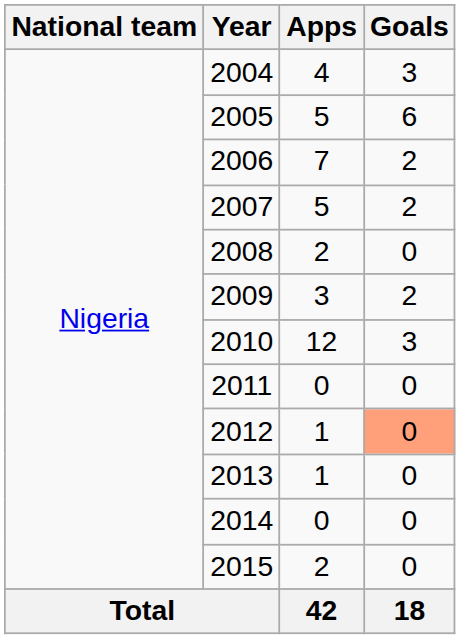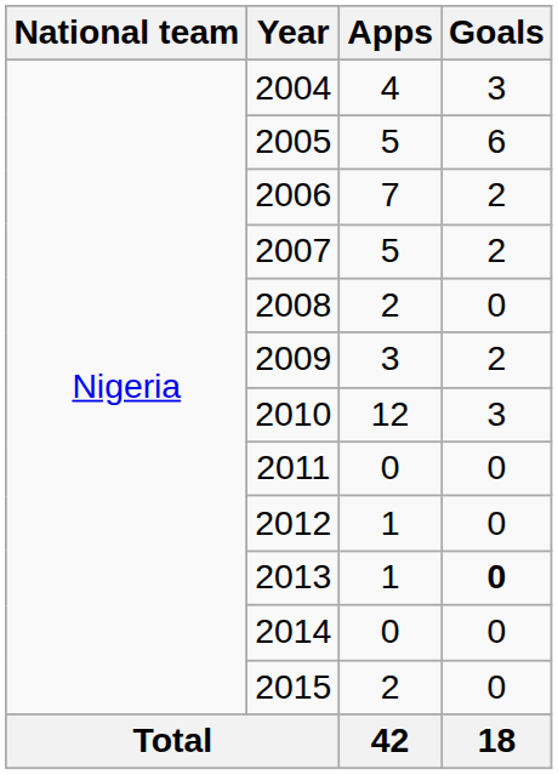 <table class="wikitable" style="text-align:center">
 <tr>
 <th>National team</th>
 <th>Year</th>
 <th>Apps</th>
 <th>Goals</th>
 </tr>
 <tr>
 <td rowspan="12"><a href='#'>Nigeria</a></td>
 <td>2004</td>
 <td>4</td>
 <td>3</td>
 </tr>
 <tr>
 <td>2005</td>
 <td>5</td>
 <td>6</td>
 </tr>
 <tr>
 <td>2006</td>
 <td>7</td>
 <td>2</td>
 </tr>
 <tr>
 <td>2007</td>
 <td>5</td>
 <td>2</td>
 </tr>
 <tr>
 <td>2008</td>
 <td>2</td>
 <td>0</td>
 </tr>
 <tr>
 <td>2009</td>
 <td>3</td>
 <td>2</td>
 </tr>
 <tr>
 <td>2010</td>
 <td>12</td>
 <td>3</td>
 </tr>
 <tr>
 <td>2011</td>
 <td>0</td>
 <td>0</td>
 </tr>
 <tr>
 <td>2012</td>
 <td>1</td>
-<td style="background: lightsalmon;">0</td>
+<td>0</td>
 </tr>
 <tr>
 <td>2013</td>
 <td>1</td>
-<td>0</td>
+<td><strong>0</strong></td>
 </tr>
 <tr>
 <td>2014</td>
 <td>0</td>
 <td>0</td>
 </tr>
 <tr>
 <td>2015</td>
 <td>2</td>
 <td>0</td>
 </tr>
 <tr>
 <th colspan="2">Total</th>
 <th>42</th>
 <th>18</th>
 </tr>
 </table>
